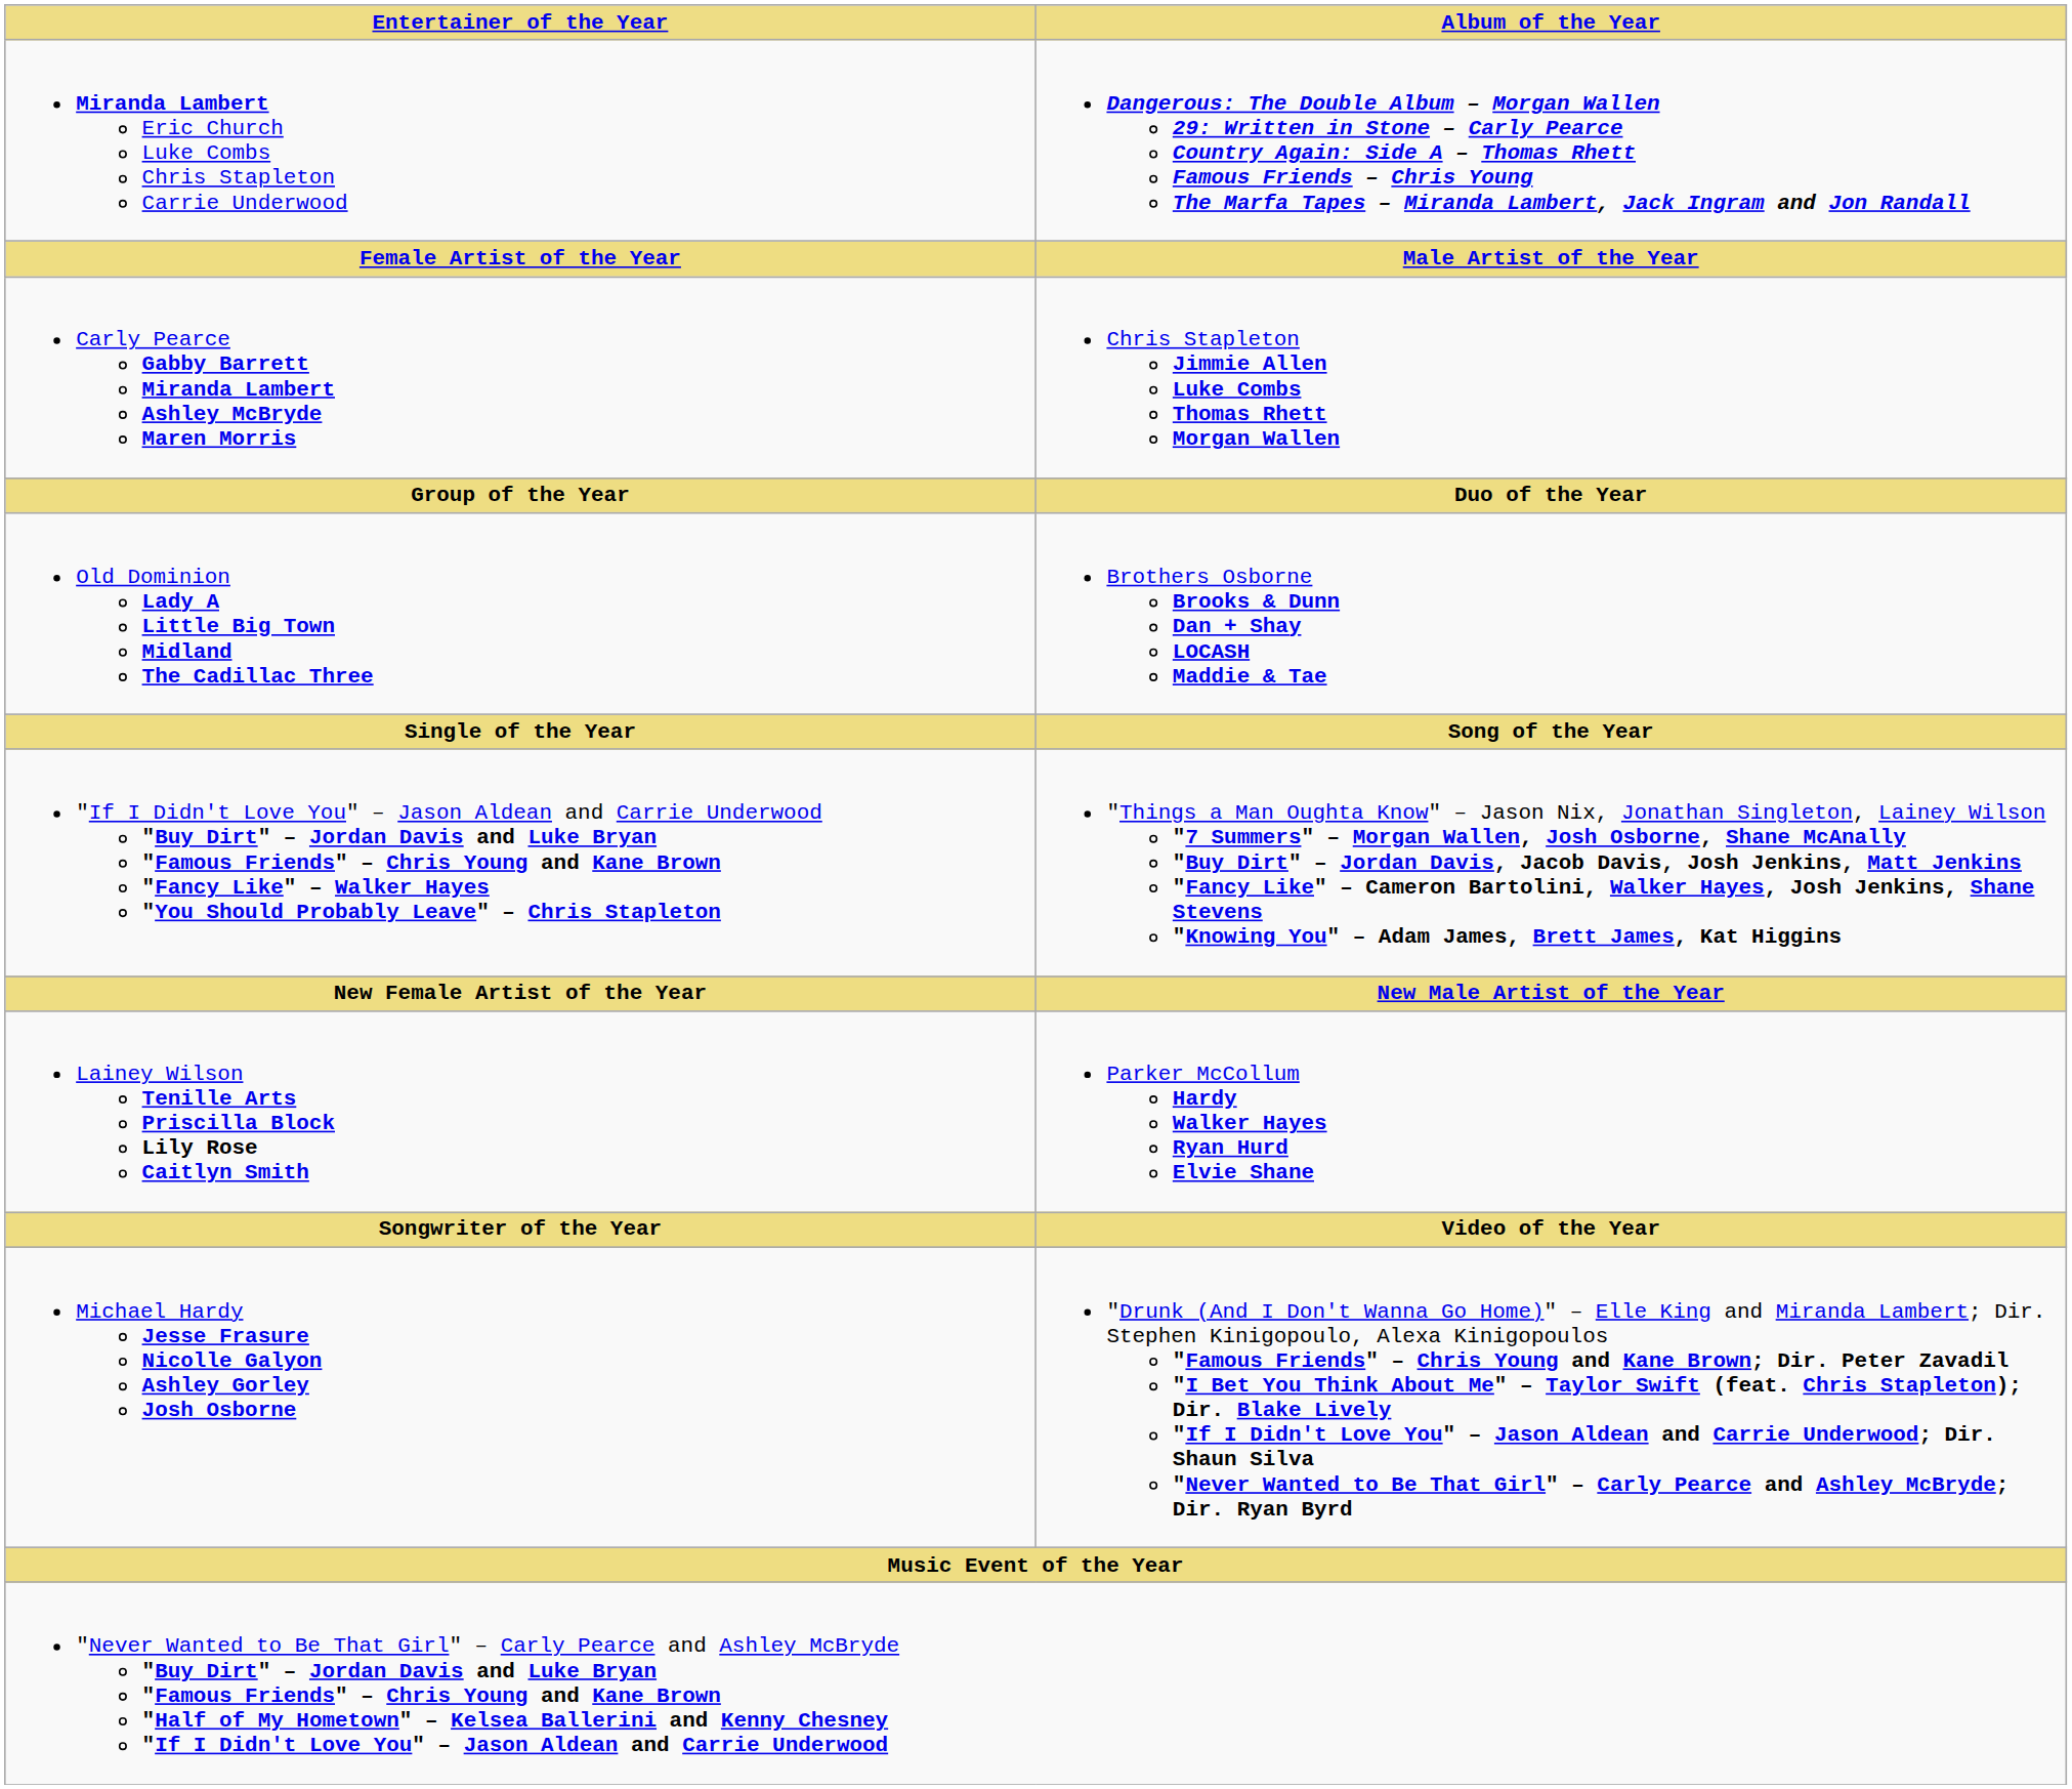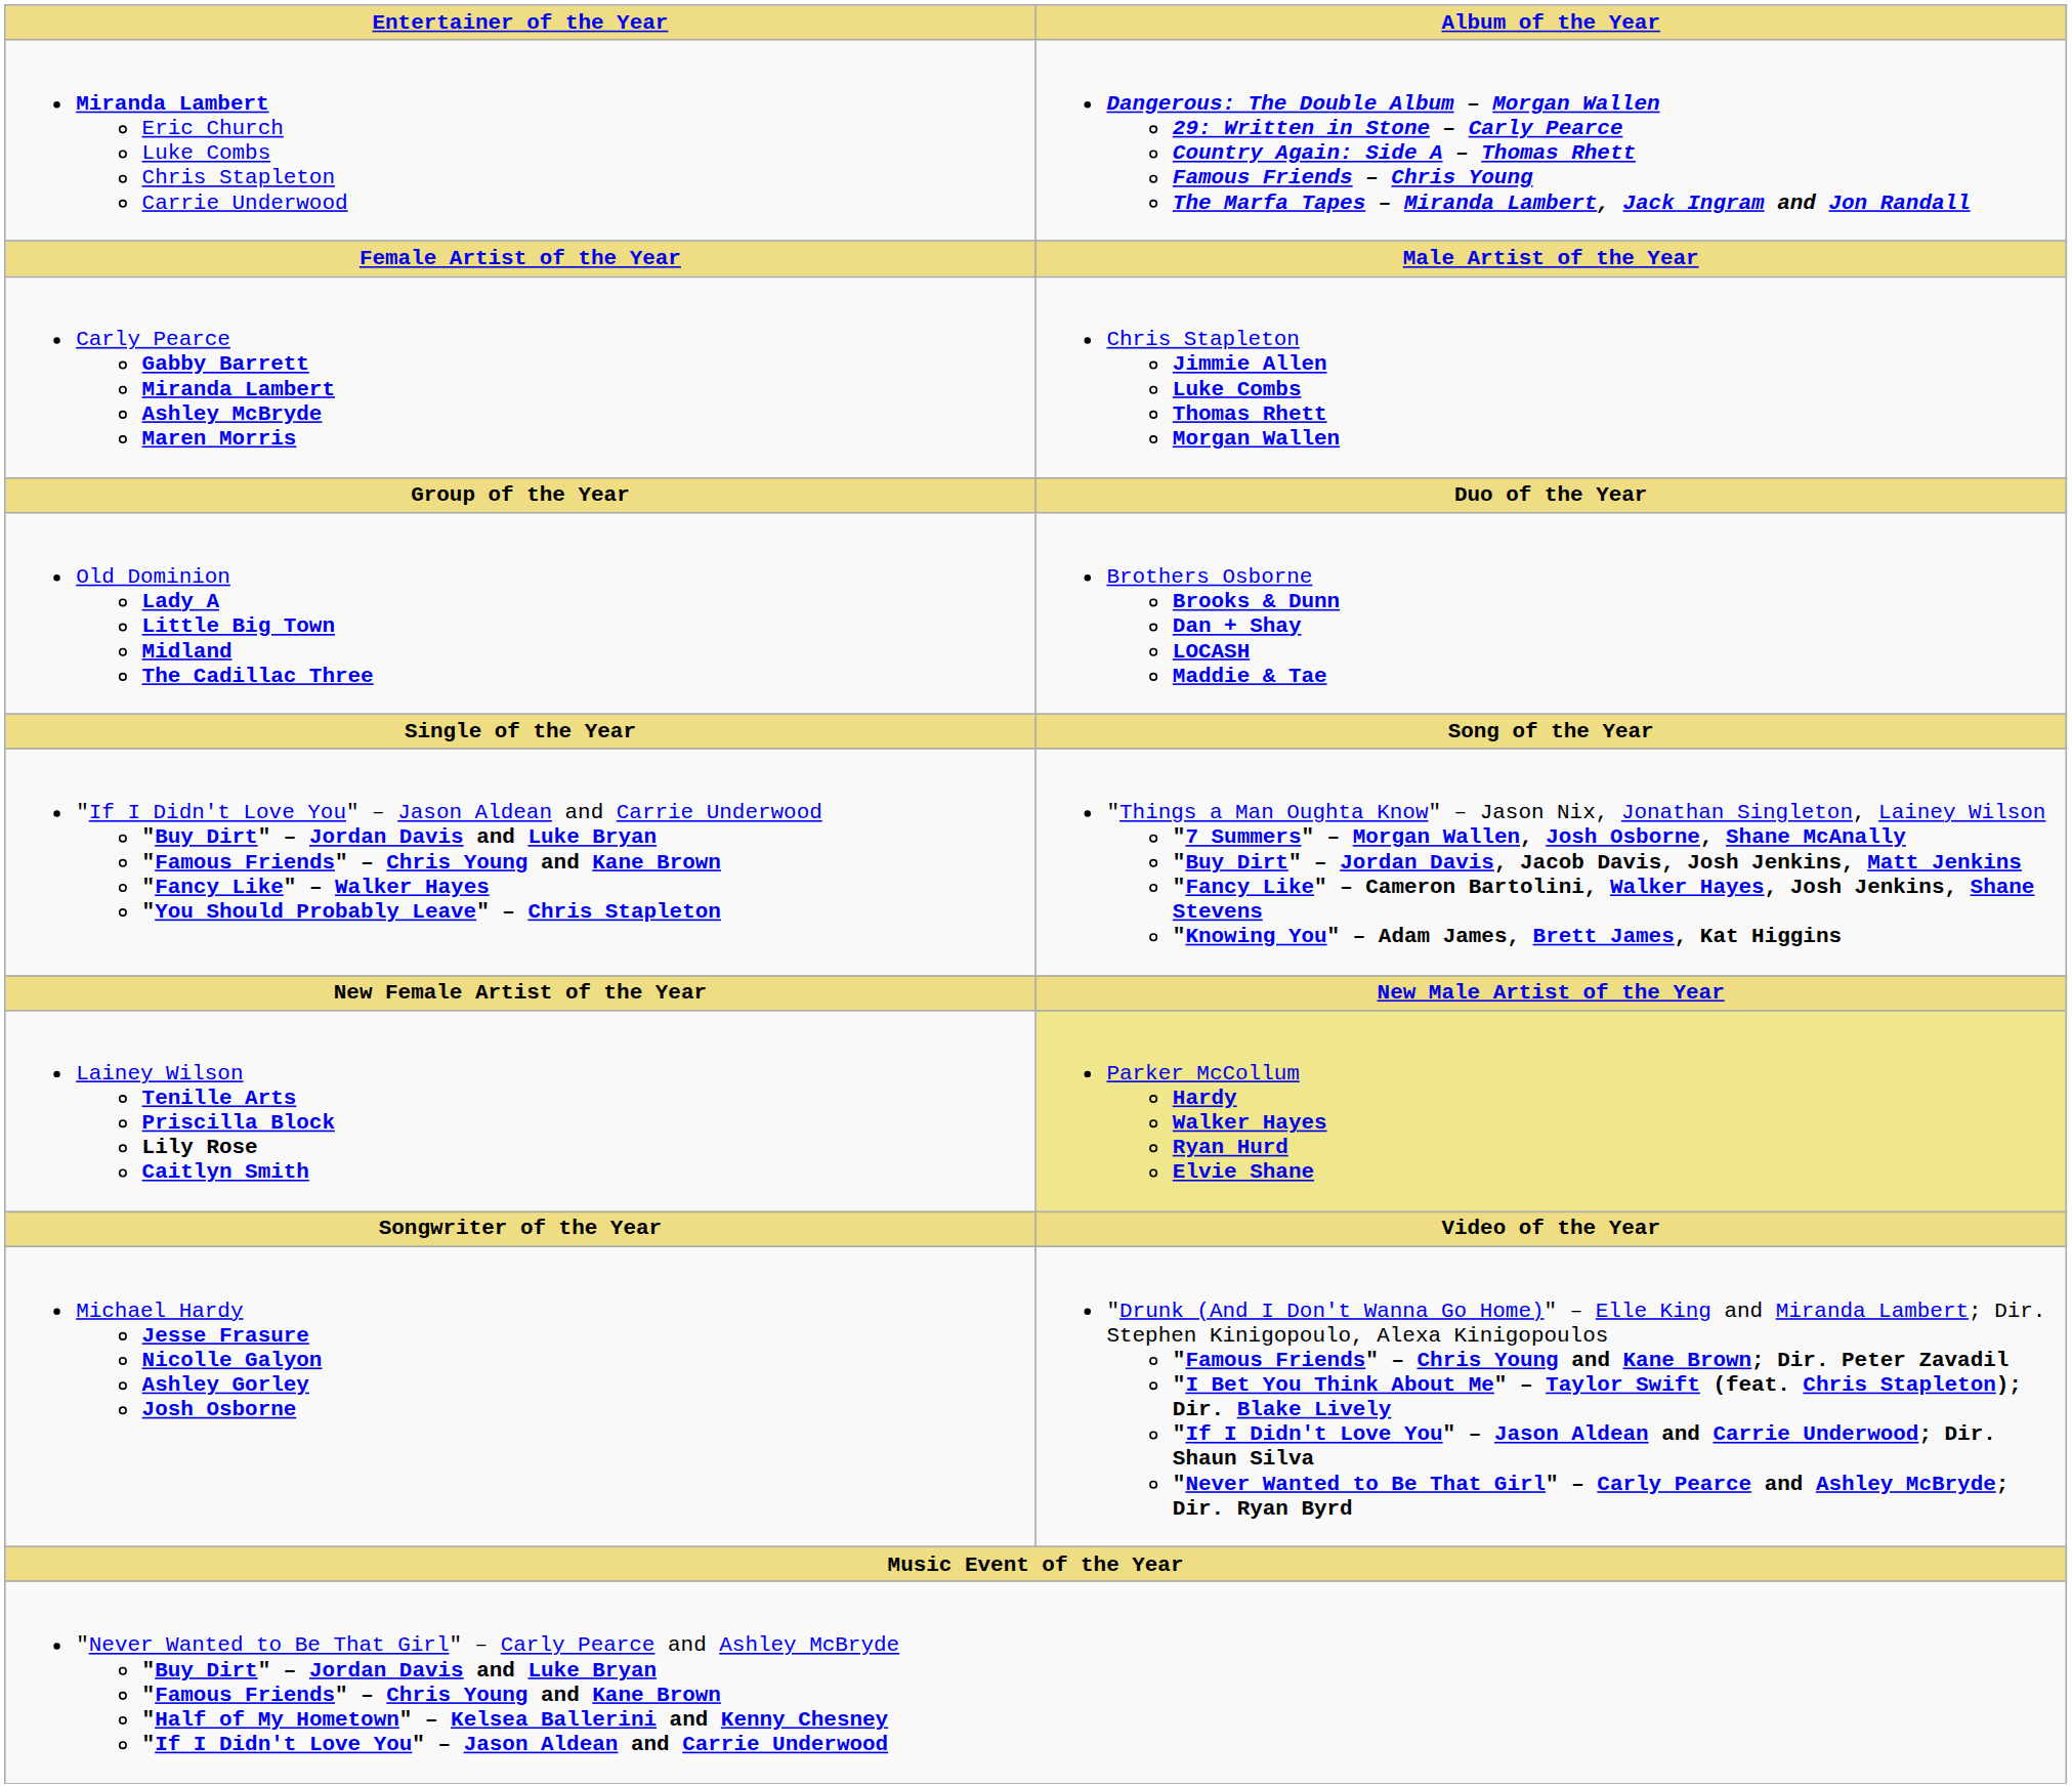 <table class="wikitable">
 <tr>
 <th style="background:#EEDD85;" width="50%"><a href='#'>Entertainer of the Year</a></th>
 <th style="background:#EEDD85;" width="50%"><a href='#'>Album of the Year</a></th>
 </tr>
 <tr>
 <td valign="top"><br><ul><li><strong><a href='#'>Miranda Lambert</a></strong><ul><li><a href='#'>Eric Church</a></li><li><a href='#'>Luke Combs</a></li><li><a href='#'>Chris Stapleton</a></li><li><a href='#'>Carrie Underwood</a></li></ul></li></ul></td>
 <td valign="top"><br><ul><li><strong><em><a href='#'>Dangerous: The Double Album</a><em> – <a href='#'>Morgan Wallen</a><strong><ul><li></em><a href='#'>29: Written in Stone</a><em> – <a href='#'>Carly Pearce</a></li><li></em><a href='#'>Country Again: Side A</a><em> – <a href='#'>Thomas Rhett</a></li><li></em><a href='#'>Famous Friends</a><em> – <a href='#'>Chris Young</a></li><li></em><a href='#'>The Marfa Tapes</a><em> – <a href='#'>Miranda Lambert</a>, <a href='#'>Jack Ingram</a> and <a href='#'>Jon Randall</a></li></ul></li></ul></td>
 </tr>
 <tr>
 <th style="background:#EEDD82; width=50%"><a href='#'>Female Artist of the Year</a></th>
 <th style="background:#EEDD82; width=50%"><a href='#'>Male Artist of the Year</a></th>
 </tr>
 <tr>
 <td valign="top"><br><ul><li></strong><a href='#'>Carly Pearce</a><strong><ul><li><a href='#'>Gabby Barrett</a></li><li><a href='#'>Miranda Lambert</a></li><li><a href='#'>Ashley McBryde</a></li><li><a href='#'>Maren Morris</a></li></ul></li></ul></td>
 <td valign="top"><br><ul><li></strong><a href='#'>Chris Stapleton</a><strong><ul><li><a href='#'>Jimmie Allen</a></li><li><a href='#'>Luke Combs</a></li><li><a href='#'>Thomas Rhett</a></li><li><a href='#'>Morgan Wallen</a></li></ul></li></ul></td>
 </tr>
 <tr>
 <th style="background:#EEDD82; width=50%">Group of the Year</th>
 <th style="background:#EEDD82; width=50%">Duo of the Year</th>
 </tr>
 <tr>
 <td valign="top"><br><ul><li></strong><a href='#'>Old Dominion</a><strong><ul><li><a href='#'>Lady A</a></li><li><a href='#'>Little Big Town</a></li><li><a href='#'>Midland</a></li><li><a href='#'>The Cadillac Three</a></li></ul></li></ul></td>
 <td valign="top"><br><ul><li></strong><a href='#'>Brothers Osborne</a><strong><ul><li><a href='#'>Brooks & Dunn</a></li><li><a href='#'>Dan + Shay</a></li><li><a href='#'>LOCASH</a></li><li><a href='#'>Maddie & Tae</a></li></ul></li></ul></td>
 </tr>
 <tr>
 <th style="background:#EEDD82; width=50%">Single of the Year</th>
 <th style="background:#EEDD82; width=50%">Song of the Year</th>
 </tr>
 <tr>
 <td valign="top"><br><ul><li></strong>"<a href='#'>If I Didn't Love You</a>" – <a href='#'>Jason Aldean</a> and <a href='#'>Carrie Underwood</a><strong><ul><li>"<a href='#'>Buy Dirt</a>" – <a href='#'>Jordan Davis</a> and <a href='#'>Luke Bryan</a></li><li>"<a href='#'>Famous Friends</a>" – <a href='#'>Chris Young</a> and <a href='#'>Kane Brown</a></li><li>"<a href='#'>Fancy Like</a>" – <a href='#'>Walker Hayes</a></li><li>"<a href='#'>You Should Probably Leave</a>" – <a href='#'>Chris Stapleton</a></li></ul></li></ul></td>
 <td valign="top"><br><ul><li></strong>"<a href='#'>Things a Man Oughta Know</a>" – Jason Nix, <a href='#'>Jonathan Singleton</a>, <a href='#'>Lainey Wilson</a><strong><ul><li>"<a href='#'>7 Summers</a>" – <a href='#'>Morgan Wallen</a>, <a href='#'>Josh Osborne</a>, <a href='#'>Shane McAnally</a></li><li>"<a href='#'>Buy Dirt</a>" – <a href='#'>Jordan Davis</a>, Jacob Davis, Josh Jenkins, <a href='#'>Matt Jenkins</a></li><li>"<a href='#'>Fancy Like</a>" – Cameron Bartolini, <a href='#'>Walker Hayes</a>, Josh Jenkins, <a href='#'>Shane Stevens</a></li><li>"<a href='#'>Knowing You</a>" – Adam James, <a href='#'>Brett James</a>, Kat Higgins</li></ul></li></ul></td>
 </tr>
 <tr>
 <th style="background:#EEDD82; width=50%">New Female Artist of the Year</th>
 <th style="background:#EEDD82; width=50%"><a href='#'>New Male Artist of the Year</a></th>
 </tr>
 <tr>
 <td valign="top"><br><ul><li></strong><a href='#'>Lainey Wilson</a><strong><ul><li><a href='#'>Tenille Arts</a></li><li><a href='#'>Priscilla Block</a></li><li>Lily Rose</li><li><a href='#'>Caitlyn Smith</a></li></ul></li></ul></td>
-<td valign="top"><br><ul><li></strong><a href='#'>Parker McCollum</a><strong><ul><li><a href='#'>Hardy</a></li><li><a href='#'>Walker Hayes</a></li><li><a href='#'>Ryan Hurd</a></li><li><a href='#'>Elvie Shane</a></li></ul></li></ul></td>
+<td valign="top" style="background: khaki;"><br><ul><li></strong><a href='#'>Parker McCollum</a><strong><ul><li><a href='#'>Hardy</a></li><li><a href='#'>Walker Hayes</a></li><li><a href='#'>Ryan Hurd</a></li><li><a href='#'>Elvie Shane</a></li></ul></li></ul></td>
 </tr>
 <tr>
 <th style="background:#EEDD82; width=50%">Songwriter of the Year</th>
 <th style="background:#EEDD82; width=50%">Video of the Year</th>
 </tr>
 <tr>
 <td valign="top"><br><ul><li></strong><a href='#'>Michael Hardy</a><strong><ul><li><a href='#'>Jesse Frasure</a></li><li><a href='#'>Nicolle Galyon</a></li><li><a href='#'>Ashley Gorley</a></li><li><a href='#'>Josh Osborne</a></li></ul></li></ul></td>
 <td valign="top"><br><ul><li></strong> "<a href='#'>Drunk (And I Don't Wanna Go Home)</a>" – <a href='#'>Elle King</a> and <a href='#'>Miranda Lambert</a>; Dir. Stephen Kinigopoulo, Alexa Kinigopoulos<strong><ul><li>"<a href='#'>Famous Friends</a>" – <a href='#'>Chris Young</a> and <a href='#'>Kane Brown</a>; Dir. Peter Zavadil</li><li>"<a href='#'>I Bet You Think About Me</a>" – <a href='#'>Taylor Swift</a> (feat. <a href='#'>Chris Stapleton</a>); Dir. <a href='#'>Blake Lively</a></li><li>"<a href='#'>If I Didn't Love You</a>" – <a href='#'>Jason Aldean</a> and <a href='#'>Carrie Underwood</a>; Dir. Shaun Silva</li><li>"<a href='#'>Never Wanted to Be That Girl</a>" – <a href='#'>Carly Pearce</a> and <a href='#'>Ashley McBryde</a>; Dir. Ryan Byrd</li></ul></li></ul></td>
 </tr>
 <tr>
 <th colspan="2" style="background:#EEDD82; width=50%">Music Event of the Year</th>
 </tr>
 <tr>
 <td colspan="2"><br><ul><li></strong>"<a href='#'>Never Wanted to Be That Girl</a>" – <a href='#'>Carly Pearce</a> and <a href='#'>Ashley McBryde</a><strong><ul><li>"<a href='#'>Buy Dirt</a>" – <a href='#'>Jordan Davis</a> and <a href='#'>Luke Bryan</a></li><li>"<a href='#'>Famous Friends</a>" – <a href='#'>Chris Young</a> and <a href='#'>Kane Brown</a></li><li>"<a href='#'>Half of My Hometown</a>" – <a href='#'>Kelsea Ballerini</a> and <a href='#'>Kenny Chesney</a></li><li>"<a href='#'>If I Didn't Love You</a>" – <a href='#'>Jason Aldean</a> and <a href='#'>Carrie Underwood</a></li></ul></li></ul></td>
 </tr>
 </table>
